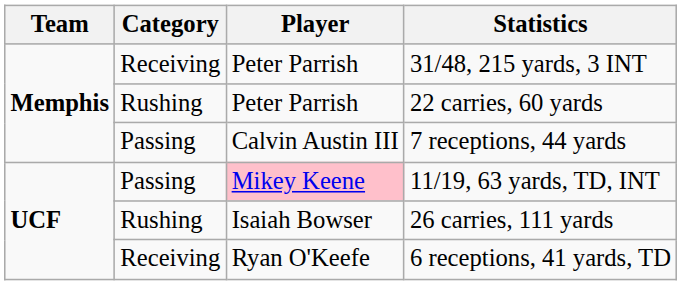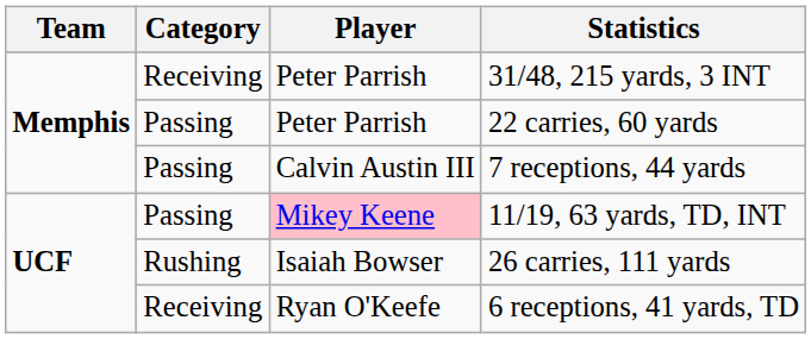 <table class="wikitable" style="float: left;">
 <tr>
 <th>Team</th>
 <th>Category</th>
 <th>Player</th>
 <th>Statistics</th>
 </tr>
 <tr>
 <td rowspan=3><strong>Memphis</strong></td>
 <td>Receiving</td>
 <td>Peter Parrish</td>
 <td>31/48, 215 yards, 3 INT</td>
 </tr>
 <tr>
-<td>Rushing</td>
+<td>Passing</td>
 <td>Peter Parrish</td>
 <td>22 carries, 60 yards</td>
 </tr>
 <tr>
 <td>Passing</td>
 <td>Calvin Austin III</td>
 <td>7 receptions, 44 yards</td>
 </tr>
 <tr>
 <td rowspan=3><strong>UCF</strong></td>
 <td>Passing</td>
 <td style="background: pink;"><a href='#'>Mikey Keene</a></td>
 <td>11/19, 63 yards, TD, INT</td>
 </tr>
 <tr>
 <td>Rushing</td>
 <td>Isaiah Bowser</td>
 <td>26 carries, 111 yards</td>
 </tr>
 <tr>
 <td>Receiving</td>
 <td>Ryan O'Keefe</td>
 <td>6 receptions, 41 yards, TD</td>
 </tr>
 </table>
